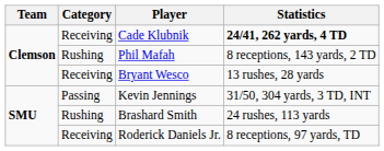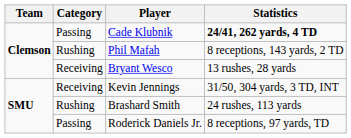 <table class="wikitable" style="float: right;">
 <tr>
 <th>Team</th>
 <th>Category</th>
 <th>Player</th>
 <th>Statistics</th>
 </tr>
 <tr>
 <td rowspan=3><strong>Clemson</strong></td>
-<td>Receiving</td>
+<td>Passing</td>
 <td><a href='#'>Cade Klubnik</a></td>
 <td><strong>24/41, 262 yards, 4 TD</strong></td>
 </tr>
 <tr>
 <td>Rushing</td>
 <td><a href='#'>Phil Mafah</a></td>
 <td>8 receptions, 143 yards, 2 TD</td>
 </tr>
 <tr>
 <td>Receiving</td>
 <td><a href='#'>Bryant Wesco</a></td>
 <td>13 rushes, 28 yards</td>
 </tr>
 <tr>
 <td rowspan=3><strong>SMU</strong></td>
-<td>Passing</td>
+<td>Receiving</td>
 <td>Kevin Jennings</td>
 <td>31/50, 304 yards, 3 TD, INT</td>
 </tr>
 <tr>
 <td>Rushing</td>
 <td>Brashard Smith</td>
 <td>24 rushes, 113 yards</td>
 </tr>
 <tr>
-<td>Receiving</td>
+<td>Passing</td>
 <td>Roderick Daniels Jr.</td>
 <td>8 receptions, 97 yards, TD</td>
 </tr>
 </table>
